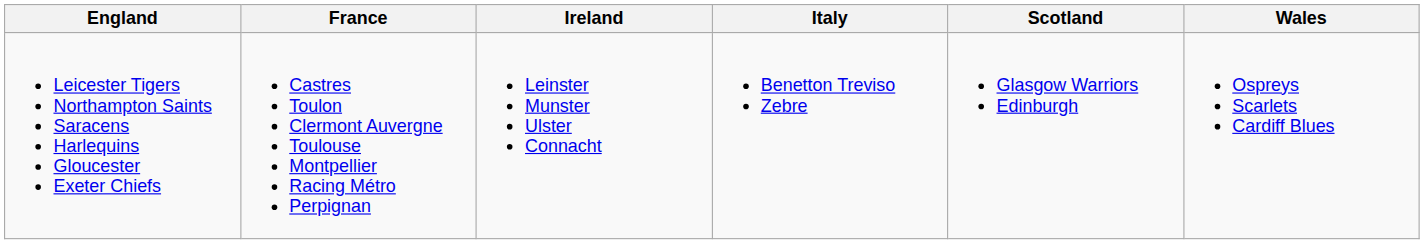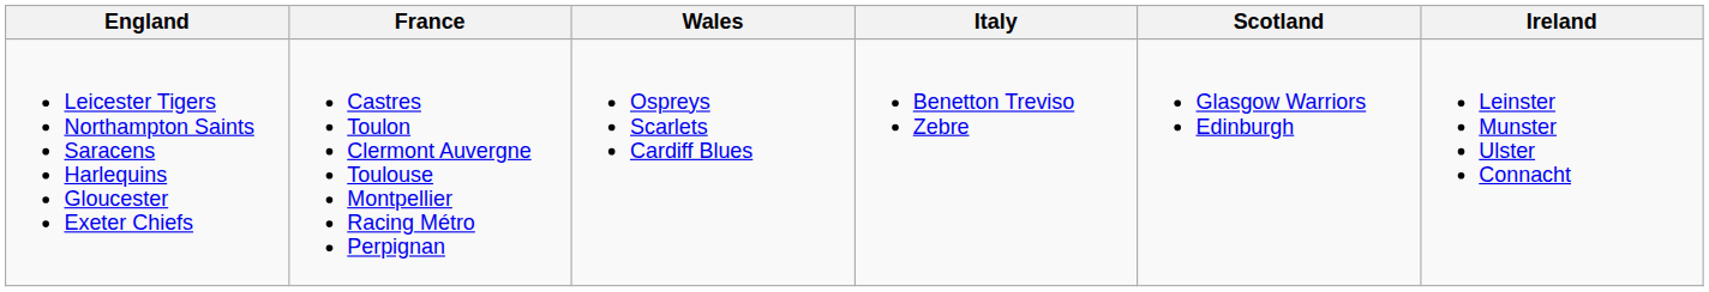 <table class="wikitable" style="width:100%">
 <tr>
 <th width=16%>England</th>
 <th width=16%>France</th>
-<th width=16%>Ireland</th>
+<th width=16%>Wales</th>
 <th width=16%>Italy</th>
 <th width=16%>Scotland</th>
-<th width=16%>Wales</th>
+<th width=16%>Ireland</th>
 </tr>
 <tr valign=top>
 <td><br><ul><li><a href='#'>Leicester Tigers</a></li><li><a href='#'>Northampton Saints</a></li><li><a href='#'>Saracens</a></li><li><a href='#'>Harlequins</a></li><li><a href='#'>Gloucester</a></li><li><a href='#'>Exeter Chiefs</a></li></ul></td>
 <td><br><ul><li><a href='#'>Castres</a></li><li><a href='#'>Toulon</a></li><li><a href='#'>Clermont Auvergne</a></li><li><a href='#'>Toulouse</a></li><li><a href='#'>Montpellier</a></li><li><a href='#'>Racing Métro</a></li><li><a href='#'>Perpignan</a></li></ul></td>
-<td><br><ul><li><a href='#'>Leinster</a></li><li><a href='#'>Munster</a></li><li><a href='#'>Ulster</a></li><li><a href='#'>Connacht</a></li></ul></td>
+<td><br><ul><li><a href='#'>Ospreys</a></li><li><a href='#'>Scarlets</a></li><li><a href='#'>Cardiff Blues</a></li></ul></td>
 <td><br><ul><li><a href='#'>Benetton Treviso</a></li><li><a href='#'>Zebre</a></li></ul></td>
 <td><br><ul><li><a href='#'>Glasgow Warriors</a></li><li><a href='#'>Edinburgh</a></li></ul></td>
-<td><br><ul><li><a href='#'>Ospreys</a></li><li><a href='#'>Scarlets</a></li><li><a href='#'>Cardiff Blues</a></li></ul></td>
+<td><br><ul><li><a href='#'>Leinster</a></li><li><a href='#'>Munster</a></li><li><a href='#'>Ulster</a></li><li><a href='#'>Connacht</a></li></ul></td>
 </tr>
 </table>
